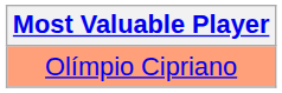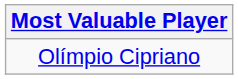 <table class=wikitable style="text-align:center; margin:auto">
 <tr>
 <th><a href='#'>Most Valuable Player</a></th>
 </tr>
 <tr>
-<td style="background: lightsalmon;"> <a href='#'>Olímpio Cipriano</a></td>
+<td> <a href='#'>Olímpio Cipriano</a></td>
 </tr>
 </table>
